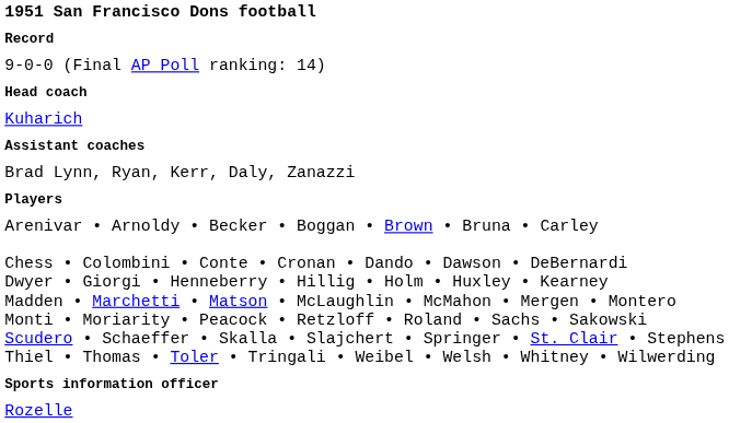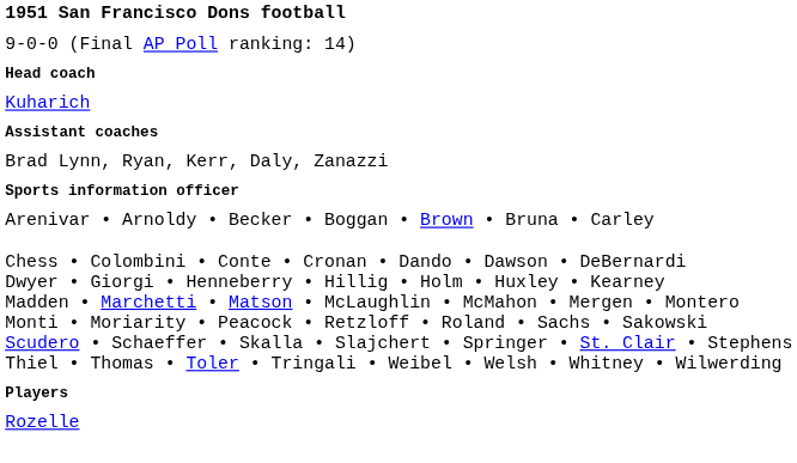 <table class="toccolours" style="margin:1em auto;" cellpadding="4" cellspacing="0">
 <tr>
 <td><strong>1951 San Francisco Dons football</strong></td>
-</tr>
-<tr>
-<td style="font-size:11px; text-align:left;"><strong>Record</strong></td>
-<td style="text-align:center;"></td>
 </tr>
 <tr>
 <td>9-0-0 (Final <a href='#'>AP Poll</a> ranking: 14)</td>
 </tr>
 <tr>
 <td style="font-size:11px; text-align:left;"><strong>Head coach</strong></td>
 <td style="text-align:center;"></td>
 </tr>
 <tr>
 <td><a href='#'>Kuharich</a></td>
 </tr>
 <tr>
 <td style="font-size:11px; text-align:left;"><strong>Assistant coaches</strong></td>
 <td style="text-align:center;"></td>
 </tr>
 <tr>
 <td>Brad Lynn, Ryan, Kerr, Daly, Zanazzi</td>
 </tr>
 <tr>
-<td style="font-size:11px; text-align:left;"><strong>Players</strong></td>
+<td style="font-size:11px; text-align:left;"><strong>Sports information officer</strong></td>
 <td style="text-align:center;"></td>
 </tr>
 <tr>
 <td>Arenivar • Arnoldy • Becker • Boggan • <a href='#'>Brown</a> • Bruna • Carley<br><br>Chess • Colombini • Conte • Cronan • Dando • Dawson • DeBernardi<br> Dwyer • Giorgi • Henneberry • Hillig • Holm • Huxley • Kearney<br> Madden • <a href='#'>Marchetti</a> • <a href='#'>Matson</a> • McLaughlin • McMahon • Mergen • Montero<br> Monti • Moriarity • Peacock • Retzloff • Roland • Sachs • Sakowski<br> <a href='#'>Scudero</a> • Schaeffer • Skalla • Slajchert • Springer • <a href='#'>St. Clair</a> • Stephens<br> Thiel • Thomas • <a href='#'>Toler</a> • Tringali • Weibel • Welsh • Whitney • Wilwerding</td>
 </tr>
 <tr>
-<td style="font-size:11px; text-align:left;"><strong>Sports information officer</strong></td>
+<td style="font-size:11px; text-align:left;"><strong>Players</strong></td>
 <td style="text-align:center;"></td>
 </tr>
 <tr>
 <td><a href='#'>Rozelle</a></td>
 </tr>
 </table>
